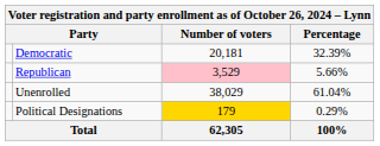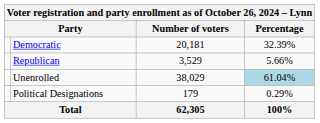 <table class=wikitable>
 <tr>
 <th colspan = 6>Voter registration and party enrollment as of October 26, 2024 – Lynn</th>
 </tr>
 <tr>
 <th colspan = 2>Party</th>
 <th>Number of voters</th>
 <th>Percentage</th>
 </tr>
 <tr>
 <td></td>
 <td><a href='#'>Democratic</a></td>
 <td style="text-align:center;">20,181</td>
 <td style="text-align:center;">32.39%</td>
 </tr>
 <tr>
 <td></td>
 <td><a href='#'>Republican</a></td>
-<td style="background: pink; text-align:center;">3,529</td>
+<td style="text-align:center;">3,529</td>
 <td style="text-align:center;">5.66%</td>
 </tr>
 <tr>
 <td></td>
 <td>Unenrolled</td>
 <td style="text-align:center;">38,029</td>
-<td style="text-align:center;">61.04%</td>
+<td style="background: lightblue; text-align:center;">61.04%</td>
 </tr>
 <tr>
 <td></td>
 <td>Political Designations</td>
-<td style="background: gold; text-align:center;">179</td>
+<td style="text-align:center;">179</td>
 <td style="text-align:center;">0.29%</td>
 </tr>
 <tr>
 <th colspan = 2>Total</th>
 <th style="text-align:center;">62,305</th>
 <th style="text-align:center;">100%</th>
 </tr>
 </table>
